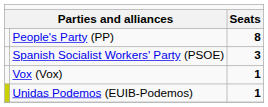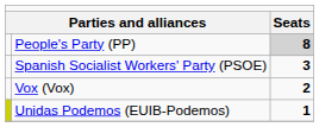 <table class="wikitable" style="text-align:right;">
 <tr>
 <td colspan="7"></td>
 </tr>
 <tr>
 <th colspan="2">Parties and alliances</th>
 <th colspan="2">Seats</th>
 </tr>
 <tr>
 <td style="color:inherit;background:"></td>
 <td align="left"><a href='#'>People's Party</a> (PP)</td>
-<td><strong>8</strong></td>
+<td style="background: lightgrey;"><strong>8</strong></td>
 </tr>
 <tr>
 <td style="color:inherit;background:"></td>
 <td align="left"><a href='#'>Spanish Socialist Workers' Party</a> (PSOE)</td>
 <td><strong>3</strong></td>
 </tr>
 <tr>
 <td style="color:inherit;background:"></td>
 <td align="left"><a href='#'>Vox</a> (Vox)</td>
-<td><strong>1</strong></td>
+<td><strong>2</strong></td>
 </tr>
 <tr>
 <td style="color:inherit;background:#CBD100"></td>
 <td align="left"><a href='#'>Unidas Podemos</a> (EUIB-Podemos)</td>
 <td><strong>1</strong></td>
 </tr>
 <tr>
 </tr>
 </table>
